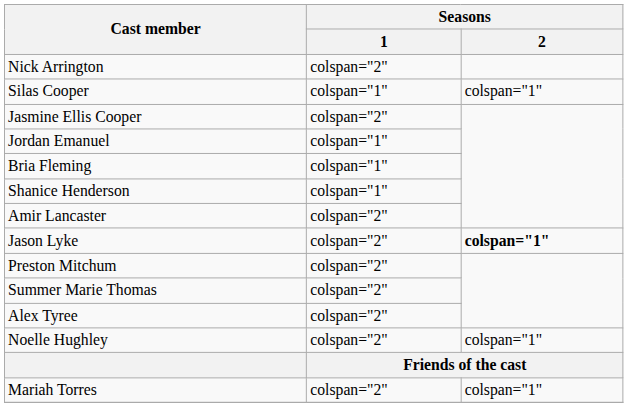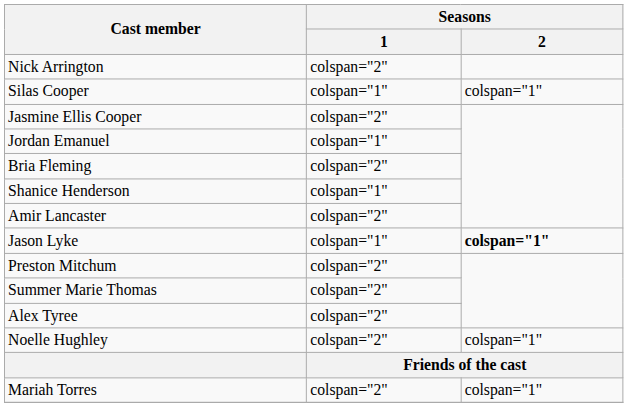 <table class="wikitable plainrowheaders" width="50%">
 <tr>
 <th rowspan="2" style="width:10%;">Cast member</th>
 <th colspan="2">Seasons</th>
 </tr>
 <tr>
 <th style="width:5%;">1</th>
 <th style="width:5%;">2</th>
 </tr>
 <tr>
 <td>Nick Arrington</td>
 <td>colspan="2" </td>
 </tr>
 <tr>
 <td>Silas Cooper</td>
 <td>colspan="1" </td>
 <td>colspan="1" </td>
 </tr>
 <tr>
 <td>Jasmine Ellis Cooper</td>
 <td>colspan="2" </td>
 </tr>
 <tr>
 <td>Jordan Emanuel</td>
 <td>colspan="1" </td>
 </tr>
 <tr>
 <td>Bria Fleming</td>
-<td>colspan="1" </td>
+<td>colspan="2" </td>
 </tr>
 <tr>
 <td>Shanice Henderson</td>
 <td>colspan="1" </td>
 </tr>
 <tr>
 <td>Amir Lancaster</td>
 <td>colspan="2" </td>
 </tr>
 <tr>
 <td>Jason Lyke</td>
-<td>colspan="2" </td>
+<td>colspan="1" </td>
 <td><strong>colspan="1" </strong></td>
 </tr>
 <tr>
 <td>Preston Mitchum</td>
 <td>colspan="2" </td>
 </tr>
 <tr>
 <td>Summer Marie Thomas</td>
 <td>colspan="2" </td>
 </tr>
 <tr>
 <td>Alex Tyree</td>
 <td>colspan="2" </td>
 </tr>
 <tr>
 <td>Noelle Hughley</td>
 <td>colspan="2" </td>
 <td>colspan="1" </td>
 </tr>
 <tr>
 <th rowspan="1" style="width:15%"></th>
 <th colspan="2">Friends of the cast</th>
 </tr>
 <tr>
 <td>Mariah Torres</td>
 <td>colspan="2" </td>
 <td>colspan="1" </td>
 </tr>
 <tr>
 </tr>
 </table>
